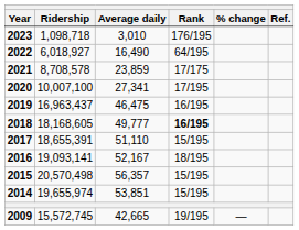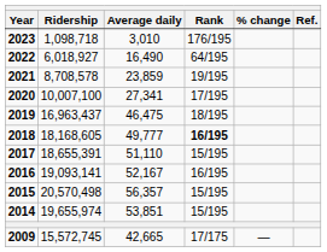 <table class="wikitable sortable" style="text-align:right;">
 <tr>
 <th colspan="6" style="background-color:#"></th>
 </tr>
 <tr style="font-size:95%; text-align:center">
 <th style="border-bottom:1px solid black">Year</th>
 <th style="border-bottom:1px solid black">Ridership</th>
 <th style="border-bottom:1px solid black">Average daily</th>
 <th style="border-bottom:1px solid black">Rank</th>
 <th style="border-bottom:1px solid black">% change</th>
 <th style="border-bottom:1px solid black">Ref.</th>
 </tr>
 <tr style="text-align:center;">
 <td><strong>2023</strong></td>
 <td>1,098,718</td>
 <td>3,010</td>
 <td>176/195</td>
 <td></td>
 <td></td>
 </tr>
 <tr style="text-align:center;">
 <td><strong>2022</strong></td>
 <td>6,018,927</td>
 <td>16,490</td>
 <td>64/195</td>
 <td></td>
 <td></td>
 </tr>
 <tr style="text-align:center;">
 <td><strong>2021</strong></td>
 <td>8,708,578</td>
 <td>23,859</td>
-<td>17/175</td>
+<td>19/195</td>
 <td></td>
 <td></td>
 </tr>
 <tr style="text-align:center;">
 <td><strong>2020</strong></td>
 <td>10,007,100</td>
 <td>27,341</td>
 <td>17/195</td>
 <td></td>
 <td></td>
 </tr>
 <tr style="text-align:center;">
 <td><strong>2019</strong></td>
 <td>16,963,437</td>
 <td>46,475</td>
-<td>16/195</td>
+<td>18/195</td>
 <td></td>
 <td></td>
 </tr>
 <tr style="text-align:center;">
 <td><strong>2018</strong></td>
 <td>18,168,605</td>
 <td>49,777</td>
 <td><strong>16/195</strong></td>
 <td></td>
 <td></td>
 </tr>
 <tr style="text-align:center;">
 <td><strong>2017</strong></td>
 <td>18,655,391</td>
 <td>51,110</td>
 <td>15/195</td>
 <td></td>
 <td></td>
 </tr>
 <tr style="text-align:center;">
 <td><strong>2016</strong></td>
 <td>19,093,141</td>
 <td>52,167</td>
-<td>18/195</td>
+<td>16/195</td>
 <td></td>
 <td></td>
 </tr>
 <tr style="text-align:center;">
 <td><strong>2015</strong></td>
 <td>20,570,498</td>
 <td>56,357</td>
 <td>15/195</td>
 <td></td>
 <td></td>
 </tr>
 <tr style="text-align:center;">
 <td><strong>2014</strong></td>
 <td>19,655,974</td>
 <td>53,851</td>
 <td>15/195</td>
 <td></td>
 <td></td>
 </tr>
 <tr>
 <th colspan="6" style="background-color:#"></th>
 </tr>
 <tr style="text-align:center;">
 <td><strong>2009</strong></td>
 <td>15,572,745</td>
 <td>42,665</td>
-<td>19/195</td>
+<td>17/175</td>
 <td>—</td>
 <td></td>
 </tr>
 </table>
